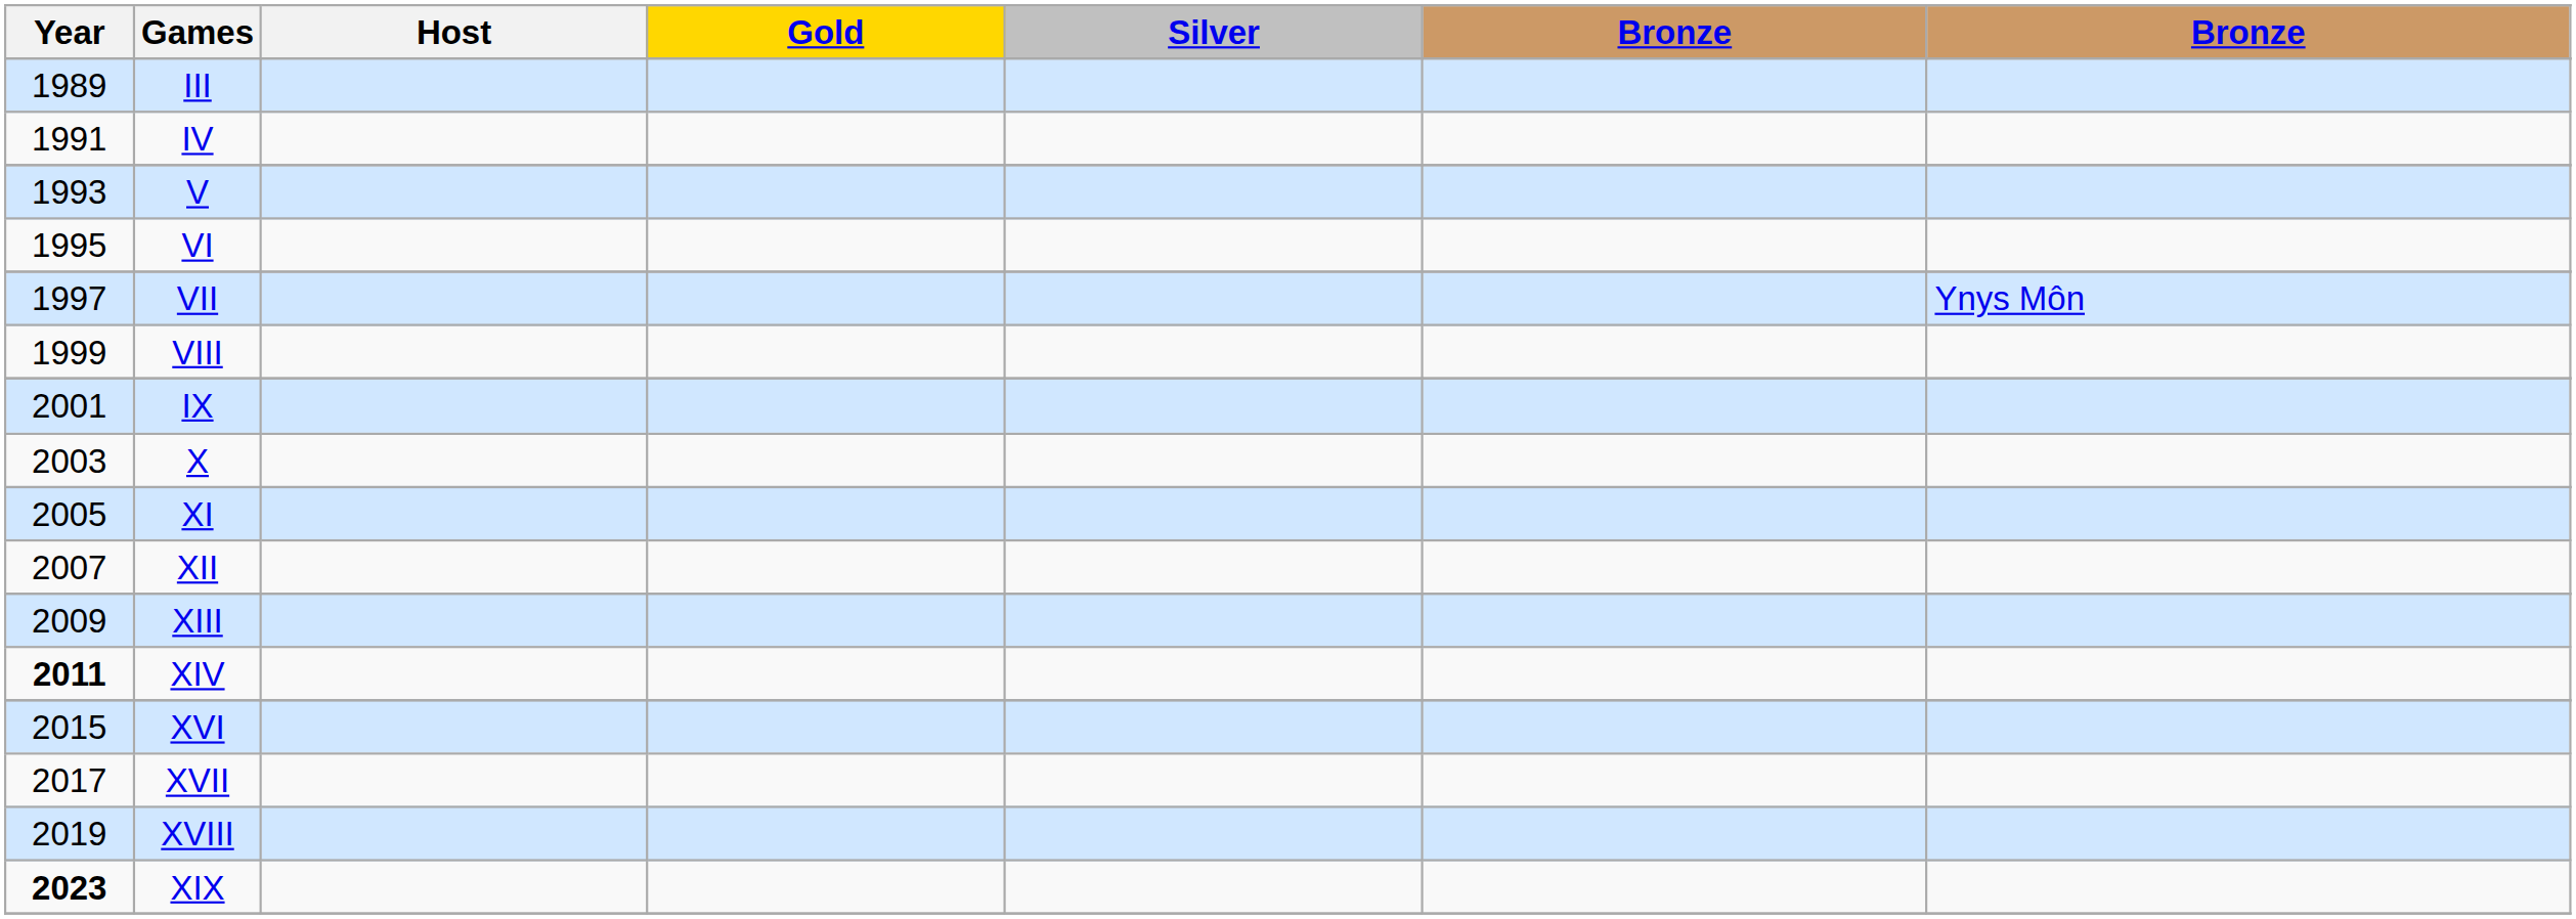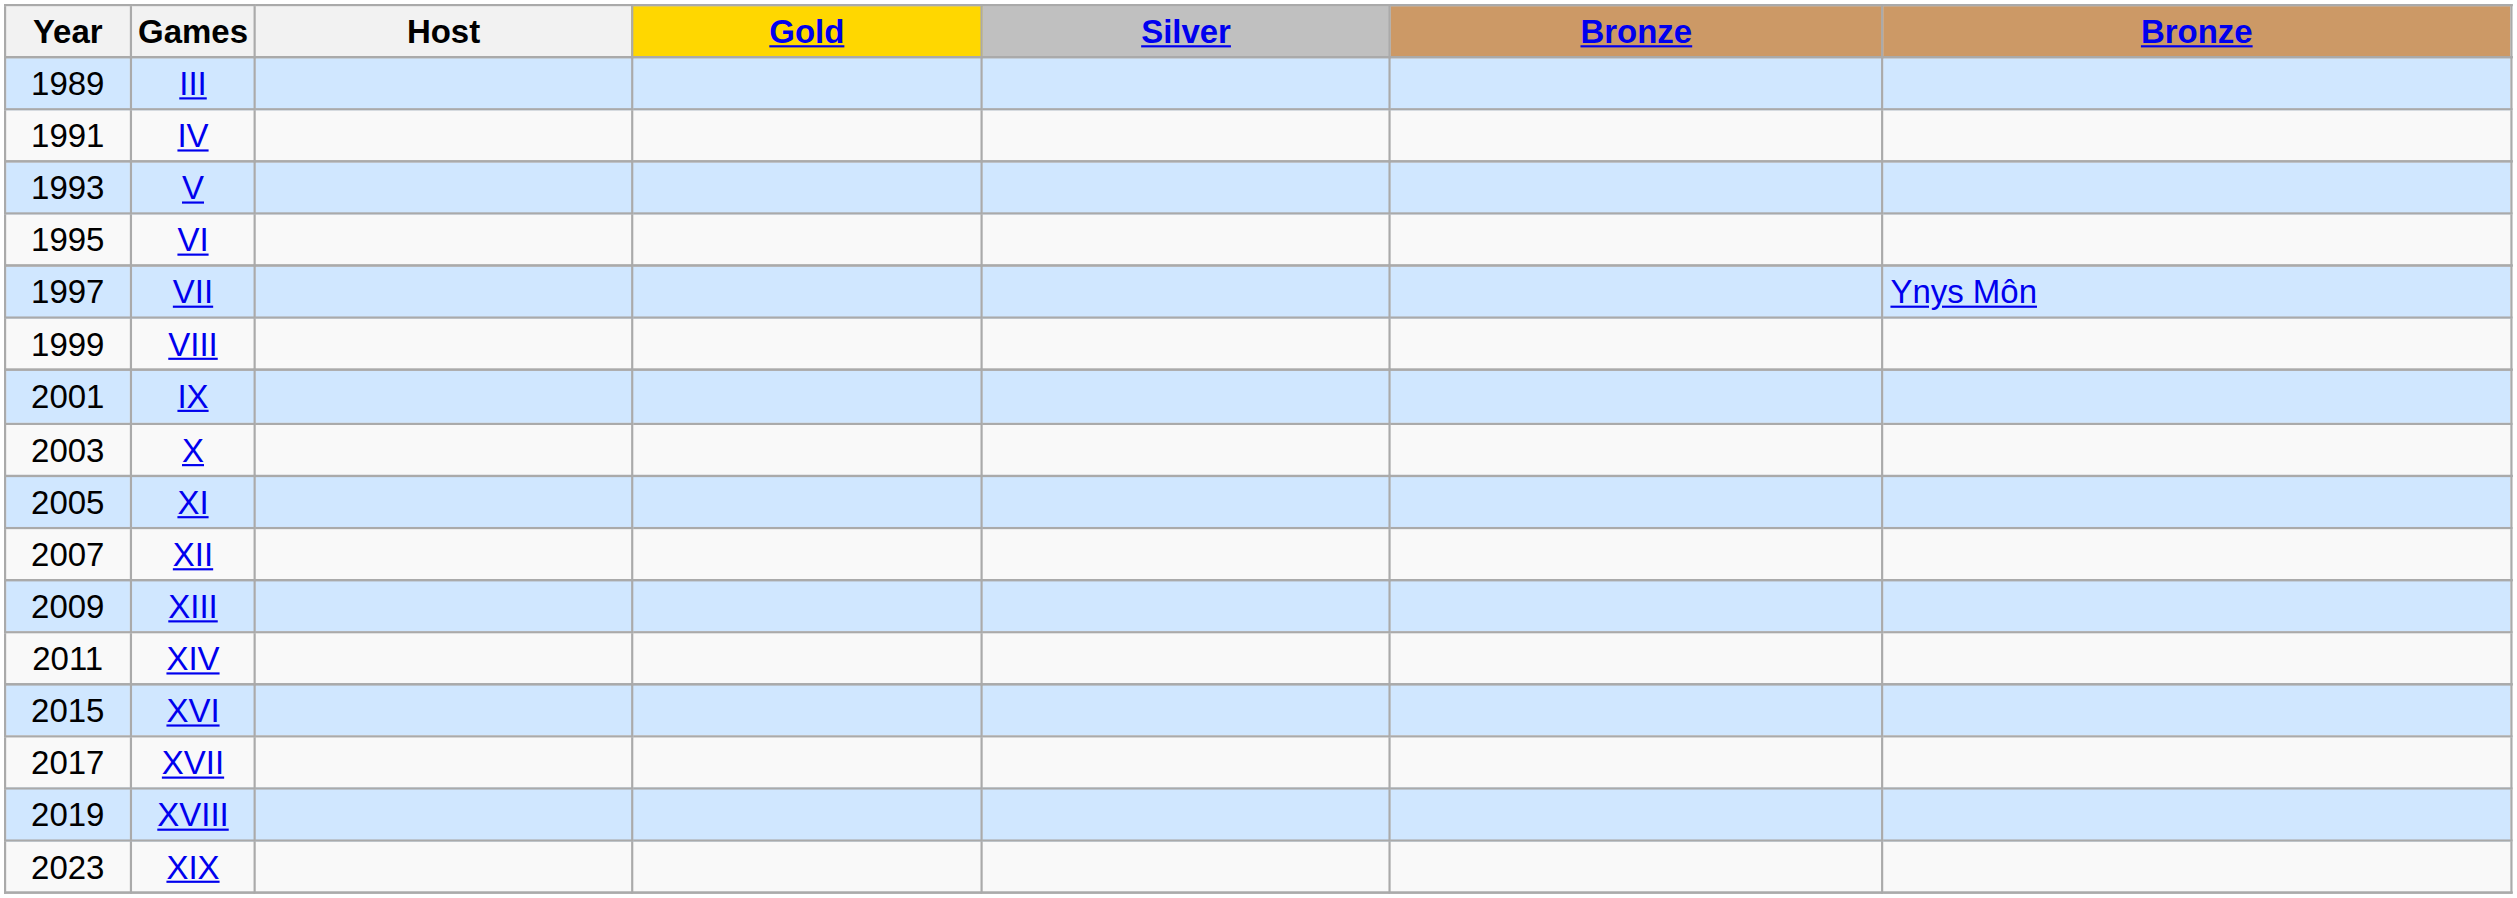 <table class="wikitable" style="text-align: center; font-size:95%;">
 <tr>
 <th rowspan="2" style="width:5%;">Year</th>
 <th rowspan="2" style="width:5%;">Games</th>
 <th rowspan="2" style="width:15%;">Host</th>
 </tr>
 <tr>
 <th style="background-color: gold"><a href='#'>Gold</a></th>
 <th style="background-color: silver"><a href='#'>Silver</a></th>
 <th style="background-color: #CC9966"><a href='#'>Bronze</a></th>
 <th style="background-color: #CC9966"><a href='#'>Bronze</a></th>
 </tr>
 <tr>
 </tr>
 <tr style="text-align:center; background:#d0e7ff;">
 <td>1989</td>
 <td align=center><a href='#'>III</a></td>
 <td align="left"></td>
 <td align="left"></td>
 <td align="left"></td>
 <td align="left"></td>
 <td></td>
 </tr>
 <tr>
 <td>1991</td>
 <td align=center><a href='#'>IV</a></td>
 <td align="left"></td>
 <td align="left"></td>
 <td align="left"></td>
 <td align="left"></td>
 <td></td>
 </tr>
 <tr>
 </tr>
 <tr style="text-align:center; background:#d0e7ff;">
 <td>1993</td>
 <td align=center><a href='#'>V</a></td>
 <td align="left"></td>
 <td align="left"></td>
 <td align="left"></td>
 <td align="left"></td>
 <td></td>
 </tr>
 <tr>
 <td>1995</td>
 <td align=center><a href='#'>VI</a></td>
 <td align="left"></td>
 <td align="left"></td>
 <td align="left"></td>
 <td align="left"></td>
 <td align="left"></td>
 </tr>
 <tr>
 </tr>
 <tr style="text-align:center; background:#d0e7ff;">
 <td>1997</td>
 <td align=center><a href='#'>VII</a></td>
 <td align="left"></td>
 <td align="left"></td>
 <td align="left"></td>
 <td align="left"></td>
 <td align=left> <a href='#'>Ynys Môn</a></td>
 </tr>
 <tr>
 <td>1999</td>
 <td align=center><a href='#'>VIII</a></td>
 <td align="left"></td>
 <td align="left"></td>
 <td align="left"></td>
 <td align="left"></td>
 <td align="left"></td>
 </tr>
 <tr>
 </tr>
 <tr style="text-align:center; background:#d0e7ff;">
 <td>2001</td>
 <td align=center><a href='#'>IX</a></td>
 <td align="left"></td>
 <td align="left"></td>
 <td align="left"></td>
 <td align="left"></td>
 <td align="left"></td>
 </tr>
 <tr>
 <td>2003</td>
 <td align=center><a href='#'>X</a></td>
 <td align="left"></td>
 <td align="left"></td>
 <td align="left"></td>
 <td align="left"></td>
 <td align="left"></td>
 </tr>
 <tr>
 </tr>
 <tr style="text-align:center; background:#d0e7ff;">
 <td>2005</td>
 <td align=center><a href='#'>XI</a></td>
 <td align="left"></td>
 <td align="left"></td>
 <td align="left"></td>
 <td align="left"></td>
 <td align="left"></td>
 </tr>
 <tr>
 <td>2007</td>
 <td align=center><a href='#'>XII</a></td>
 <td align="left"></td>
 <td align="left"> </td>
 <td align="left"></td>
 <td align="left"> </td>
 <td align="left"></td>
 </tr>
 <tr>
 </tr>
 <tr style="text-align:center; background:#d0e7ff;">
 <td>2009</td>
 <td align=center><a href='#'>XIII</a></td>
 <td align="left"></td>
 <td align="left"></td>
 <td align="left"></td>
 <td align="left"></td>
 <td align="left"></td>
 </tr>
 <tr>
-<td><strong>2011</strong></td>
+<td>2011</td>
 <td align=center><a href='#'>XIV</a></td>
 <td align="left"></td>
 <td align="left"></td>
 <td align="left"></td>
 <td align="left"></td>
 <td align="left"></td>
 </tr>
 <tr>
 </tr>
 <tr style="text-align:center; background:#d0e7ff;">
 <td>2015</td>
 <td align=center><a href='#'>XVI</a></td>
 <td align="left"></td>
 <td align="left"> </td>
 <td align="left"></td>
 <td align="left"></td>
 <td></td>
 </tr>
 <tr>
 <td>2017</td>
 <td align=center><a href='#'>XVII</a></td>
 <td align="left"></td>
 <td align="left"></td>
 <td align="left"></td>
 <td align="left"></td>
 <td align="left"></td>
 </tr>
 <tr style="text-align:center; background:#d0e7ff;">
 <td>2019</td>
 <td align=center><a href='#'>XVIII</a></td>
 <td align="left"></td>
 <td align="left"></td>
 <td align="left"></td>
 <td align="left"></td>
 <td align="left"></td>
 </tr>
 <tr>
-<td><strong>2023</strong></td>
+<td>2023</td>
 <td align=center><a href='#'>XIX</a></td>
 <td align="left"></td>
 <td align="left"></td>
 <td align="left"></td>
 <td align="left"></td>
 <td align="left"></td>
 </tr>
 <tr>
 </tr>
 </table>
